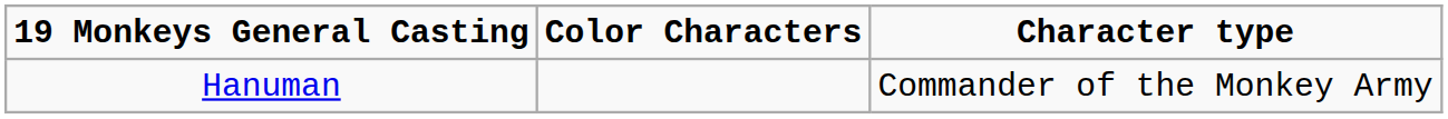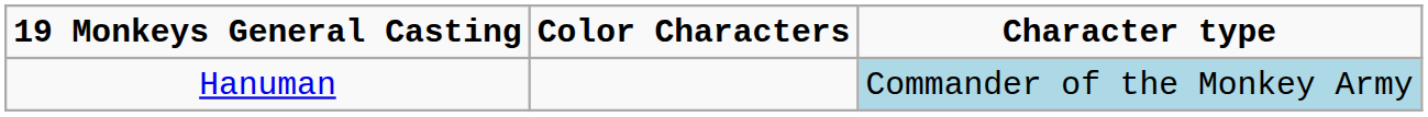 <table class="wikitable" style="text-align:center;">
 <tr>
 <td><span><strong>19 Monkeys General Casting</strong></span></td>
 <td><span><strong>Color Characters</strong></span></td>
 <td><span><strong>Character type</strong></span></td>
 </tr>
 <tr>
 <td><a href='#'>Hanuman</a></td>
 <td></td>
-<td>Commander of the Monkey Army</td>
+<td style="background: lightblue;">Commander of the Monkey Army</td>
 </tr>
 </table>
